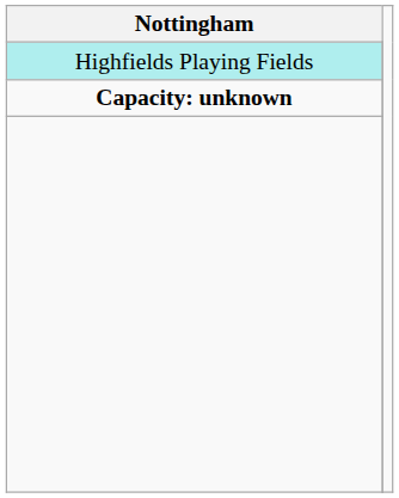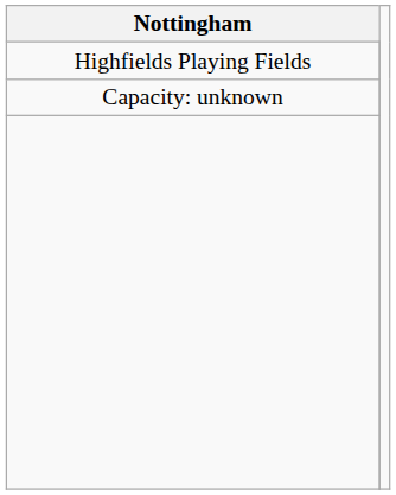 <table class="wikitable" style="margin:1em auto; text-align:center">
 <tr>
 <th colspan="2">Nottingham</th>
 <td rowspan=4></td>
 </tr>
 <tr>
-<td style="background: paleturquoise;">Highfields Playing Fields</td>
+<td>Highfields Playing Fields</td>
 </tr>
 <tr>
-<td><strong>Capacity: unknown</strong></td>
+<td>Capacity: unknown</td>
 </tr>
 <tr>
 <td height=250px width=250px></td>
 </tr>
 </table>
